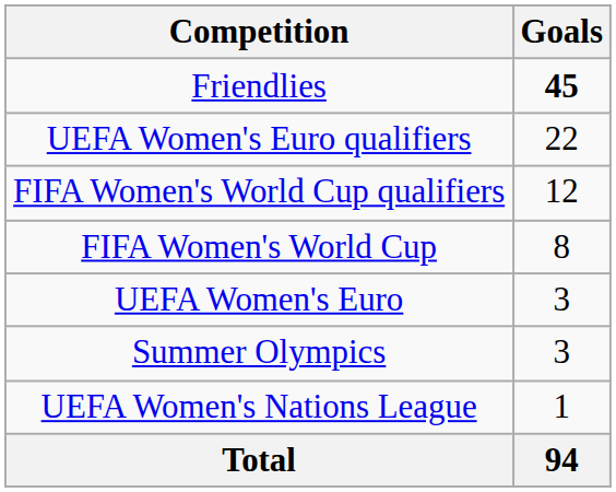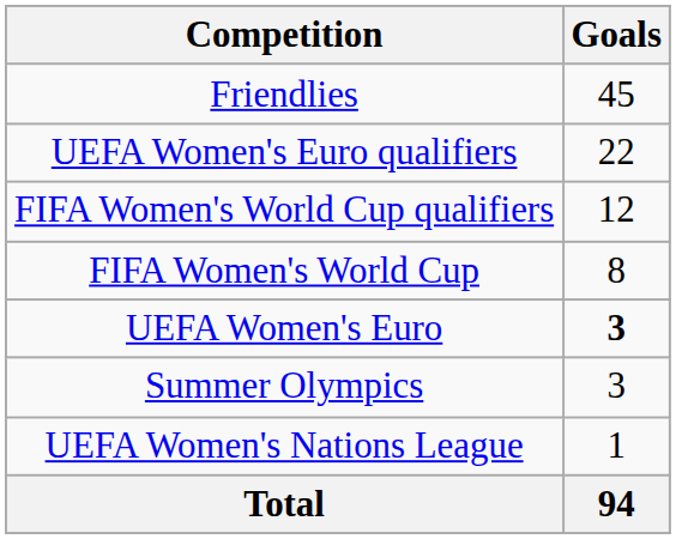 <table class="wikitable" style="text-align:center">
 <tr>
 <th>Competition</th>
 <th>Goals</th>
 </tr>
 <tr>
 <td scope=row><a href='#'>Friendlies</a></td>
-<td><strong>45</strong></td>
+<td>45</td>
 </tr>
 <tr>
 <td scope=row><a href='#'>UEFA Women's Euro qualifiers</a></td>
 <td>22</td>
 </tr>
 <tr>
 <td scope=row><a href='#'>FIFA Women's World Cup qualifiers</a></td>
 <td>12</td>
 </tr>
 <tr>
 <td scope=row><a href='#'>FIFA Women's World Cup</a></td>
 <td>8</td>
 </tr>
 <tr>
 <td scope=row><a href='#'>UEFA Women's Euro</a></td>
-<td>3</td>
+<td><strong>3</strong></td>
 </tr>
 <tr>
 <td scope=row><a href='#'>Summer Olympics</a></td>
 <td>3</td>
 </tr>
 <tr>
 <td scope=row><a href='#'>UEFA Women's Nations League</a></td>
 <td>1</td>
 </tr>
 <tr>
 <th scope=row><strong>Total</strong></th>
 <th><strong>94</strong></th>
 </tr>
 </table>
